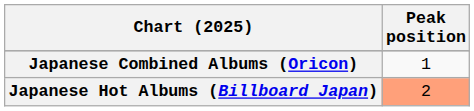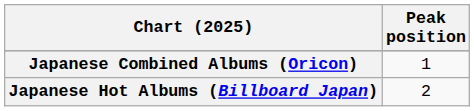 <table class="wikitable sortable plainrowheaders" style="text-align:center">
 <tr>
 <th scope="col">Chart (2025)</th>
 <th scope="col">Peak<br>position</th>
 </tr>
 <tr>
 </tr>
 <tr>
 <th scope="row">Japanese Combined Albums (<a href='#'>Oricon</a>)</th>
 <td>1</td>
 </tr>
 <tr>
 <th scope="row">Japanese Hot Albums (<em><a href='#'>Billboard Japan</a></em>)</th>
-<td style="background: lightsalmon;">2</td>
+<td>2</td>
 </tr>
 </table>
